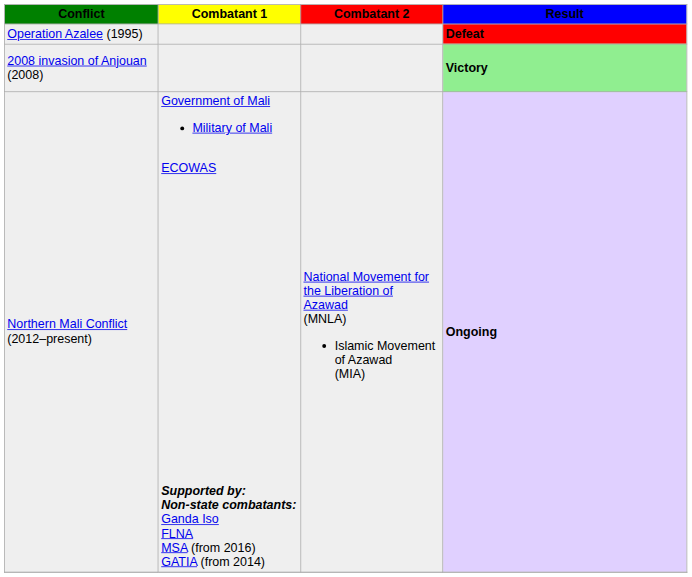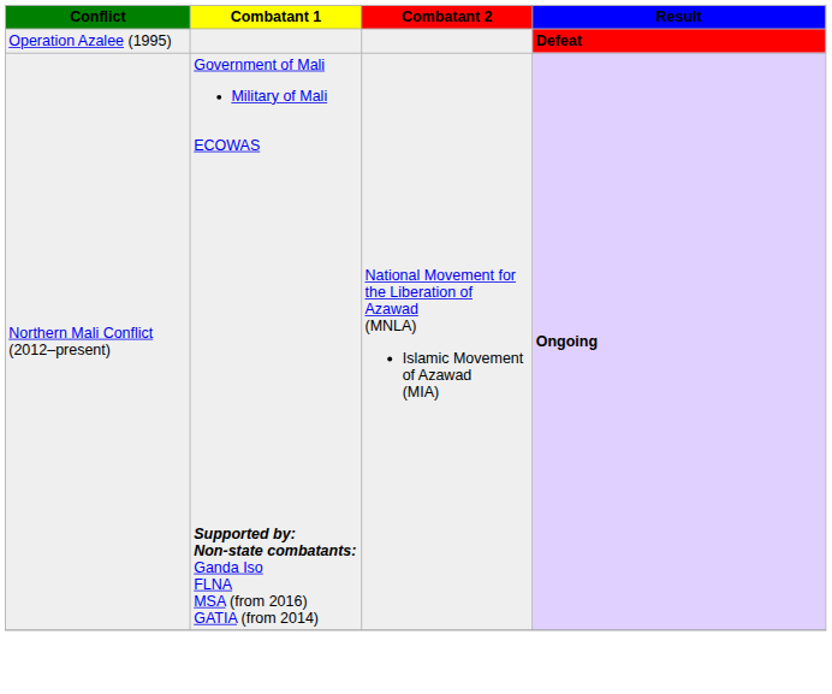 <table class="wikitable">
 <tr>
 <th style="background:green" width="190"><span>Conflict</span></th>
 <th style="background:yellow" width="175"><span>Combatant 1</span></th>
 <th style="background:red" width="175"><span>Combatant 2</span></th>
 <th style="background:blue" width="305"><span>Result</span></th>
 </tr>
 <tr>
 <td style="background:#efefef"><a href='#'>Operation Azalee</a> (1995)</td>
 <td style="background:#efefef"></td>
 <td style="background:#efefef"></td>
 <td style="background:red"><strong>Defeat</strong></td>
 </tr>
 <tr>
-<td style="background:#efefef"><a href='#'>2008 invasion of Anjouan</a> (2008)</td>
-<td style="background:#efefef"><br><br><br></td>
-<td style="background:#efefef"></td>
-<td style="background:lightgreen"><strong>Victory</strong></td>
-</tr>
-<tr>
 <td style="background:#efefef"><a href='#'>Northern Mali Conflict</a> (2012–present)</td>
 <td style="background:#efefef"> <a href='#'>Government of Mali</a><br><ul><li><a href='#'>Military of Mali</a></li></ul><br><a href='#'>ECOWAS</a><br><br><br><br><br><br><br><br><br><br><br><br><br> <br> <br> <br> <br> <br> <br> <br> <br> <br> <br><strong><em>Supported by:</em></strong><br>  <strong><em>Non-state combatants:</em></strong><br> <a href='#'>Ganda Iso</a><br> <a href='#'>FLNA</a><br> <a href='#'>MSA</a> (from 2016)<br> <a href='#'>GATIA</a> (from 2014)</td>
 <td style="background:#efefef"> <a href='#'>National Movement for the Liberation of Azawad</a><br>(MNLA)<br><ul><li>Islamic Movement of Azawad<br>(MIA)</li></ul></td>
 <td style="background:#E0D0FF"><strong>Ongoing</strong></td>
 </tr>
 <tr>
 </tr>
 </table>
